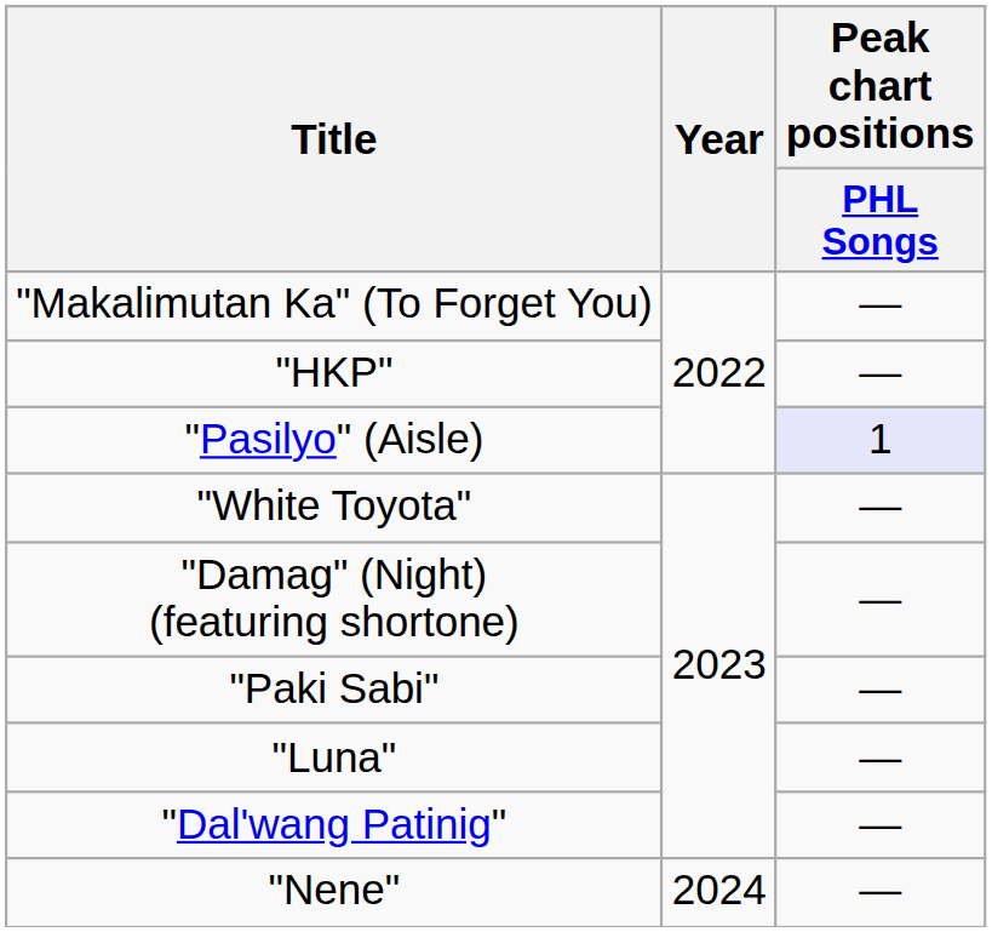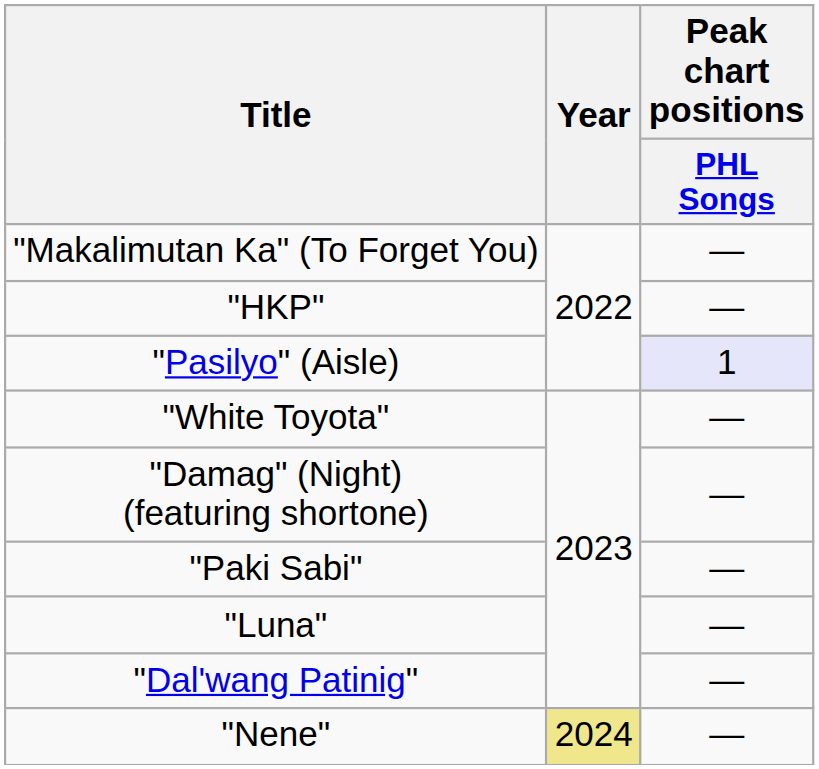 <table class="wikitable plainrowheaders" style="text-align:center">
 <tr>
 <th rowspan="2" scope="col">Title</th>
 <th rowspan="2" scope="col">Year</th>
 <th scope="col">Peak chart positions</th>
 </tr>
 <tr>
 <th scope="col" style="font-size:90%; width:3em"><a href='#'>PHL<br>Songs</a><br></th>
 </tr>
 <tr>
 <td>"Makalimutan Ka" (To Forget You)</td>
 <td rowspan="3">2022</td>
 <td>—</td>
 </tr>
 <tr>
 <td>"HKP"</td>
 <td>—</td>
 </tr>
 <tr>
 <td>"<a href='#'>Pasilyo</a>" (Aisle)</td>
 <td style="background: lavender;">1</td>
 </tr>
 <tr>
 <td>"White Toyota"</td>
 <td rowspan="5">2023</td>
 <td>—</td>
 </tr>
 <tr>
 <td>"Damag" (Night)<br>(featuring shortone)</td>
 <td>—</td>
 </tr>
 <tr>
 <td>"Paki Sabi"</td>
 <td>—</td>
 </tr>
 <tr>
 <td>"Luna"</td>
 <td>—</td>
 </tr>
 <tr>
 <td>"<a href='#'>Dal'wang Patinig</a>"</td>
 <td>—</td>
 </tr>
 <tr>
 <td>"Nene"</td>
-<td>2024</td>
+<td style="background: khaki;">2024</td>
 <td>—</td>
 </tr>
 </table>
